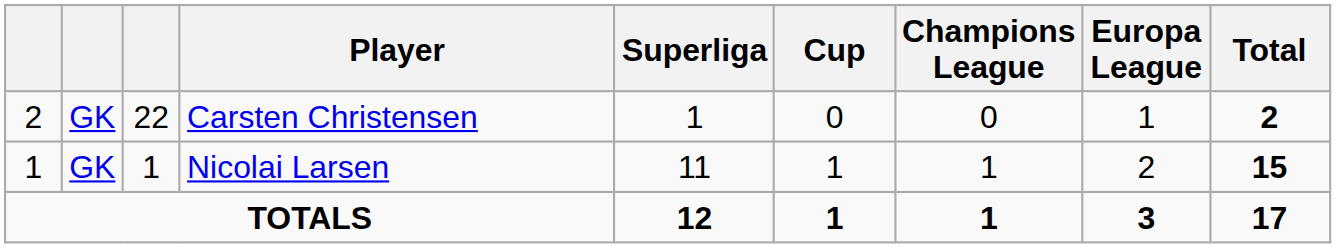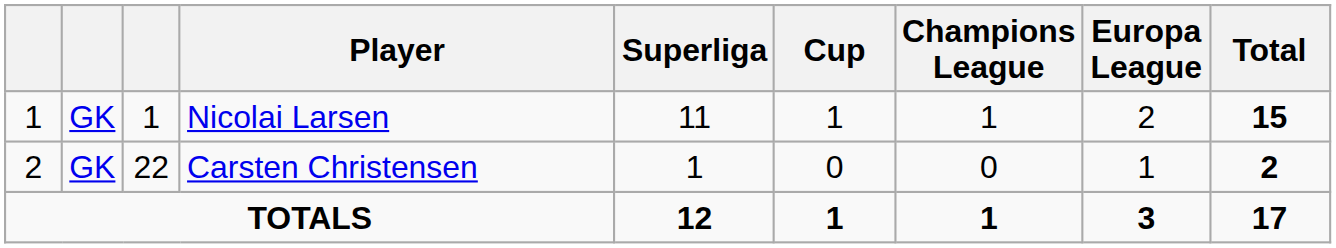 <table class="wikitable sortable" style="font-size: 95%; text-align: center;">
 <tr>
 <th width=20></th>
 <th width=20></th>
 <th width=20></th>
 <th width=200>Player</th>
 <th width=50>Superliga</th>
 <th width=50>Cup</th>
 <th width=50>Champions League</th>
 <th width=50>Europa League</th>
 <th width=50>Total</th>
 </tr>
 <tr>
+<td 1>1</td>
+<td><a href='#'>GK</a></td>
+<td>1</td>
+<td align=left> <a href='#'>Nicolai Larsen</a></td>
+<td>11</td>
+<td>1</td>
+<td>1</td>
+<td>2</td>
+<td><strong>15</strong></td>
+</tr>
+<tr>
 <td 1>2</td>
 <td><a href='#'>GK</a></td>
 <td>22</td>
 <td align=left> <a href='#'>Carsten Christensen</a></td>
 <td>1</td>
 <td>0</td>
 <td>0</td>
 <td>1</td>
 <td><strong>2</strong></td>
 </tr>
 <tr>
-<td 1>1</td>
-<td><a href='#'>GK</a></td>
-<td>1</td>
-<td align=left> <a href='#'>Nicolai Larsen</a></td>
-<td>11</td>
-<td>1</td>
-<td>1</td>
-<td>2</td>
-<td><strong>15</strong></td>
-</tr>
-<tr>
 <td colspan="4"><strong>TOTALS</strong></td>
 <td><strong>12</strong></td>
 <td><strong>1</strong></td>
 <td><strong>1</strong></td>
 <td><strong>3</strong></td>
 <td><strong>17</strong></td>
 </tr>
 </table>
